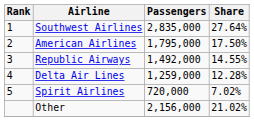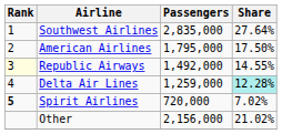 <table class="wikitable sortable" style="font-size: 95%">
 <tr>
 <th>Rank</th>
 <th>Airline</th>
 <th>Passengers</th>
 <th>Share</th>
 </tr>
 <tr>
 <td>1</td>
 <td><a href='#'>Southwest Airlines</a></td>
 <td>2,835,000</td>
 <td>27.64%</td>
 </tr>
 <tr>
 <td>2</td>
 <td><a href='#'>American Airlines</a></td>
 <td>1,795,000</td>
 <td>17.50%</td>
 </tr>
 <tr>
-<td>3</td>
+<td style="background: lightyellow;">3</td>
 <td><a href='#'>Republic Airways</a></td>
 <td>1,492,000</td>
 <td>14.55%</td>
 </tr>
 <tr>
 <td>4</td>
 <td><a href='#'>Delta Air Lines</a></td>
 <td>1,259,000</td>
-<td>12.28%</td>
+<td style="background: paleturquoise;">12.28%</td>
 </tr>
 <tr>
-<td>5</td>
+<td><strong>5</strong></td>
 <td><a href='#'>Spirit Airlines</a></td>
 <td>720,000</td>
 <td>7.02%</td>
 </tr>
 <tr>
 <td></td>
 <td>Other</td>
 <td>2,156,000</td>
 <td>21.02%</td>
 </tr>
 <tr>
 </tr>
 </table>
